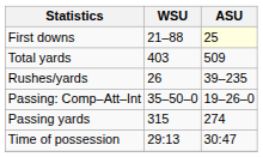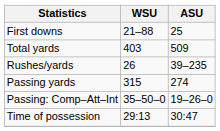 <table class="wikitable" style="float: left;">
 <tr>
 <th>Statistics</th>
 <th>WSU</th>
 <th>ASU</th>
 </tr>
 <tr>
 <td>First downs</td>
 <td>21–88</td>
-<td style="background: lightyellow;">25</td>
+<td>25</td>
 </tr>
 <tr>
 <td>Total yards</td>
 <td>403</td>
 <td>509</td>
 </tr>
 <tr>
 <td>Rushes/yards</td>
 <td>26</td>
 <td>39–235</td>
 </tr>
 <tr>
+<td>Passing yards</td>
+<td>315</td>
+<td>274</td>
+</tr>
+<tr>
 <td>Passing: Comp–Att–Int</td>
 <td>35–50–0</td>
 <td>19–26–0</td>
-</tr>
-<tr>
-<td>Passing yards</td>
-<td>315</td>
-<td>274</td>
 </tr>
 <tr>
 <td>Time of possession</td>
 <td>29:13</td>
 <td>30:47</td>
 </tr>
 <tr>
 </tr>
 </table>
